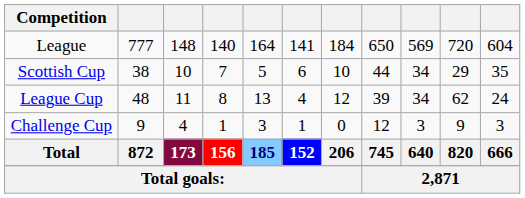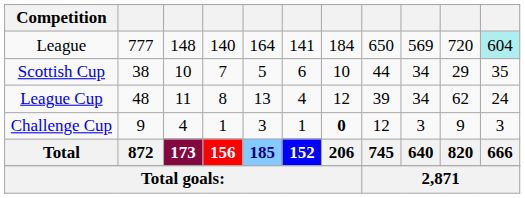 <table class="wikitable" style="text-align:center">
 <tr>
 <th width="100">Competition</th>
 <th width="35"></th>
 <th width="30"></th>
 <th width="30"></th>
 <th width="30"></th>
 <th width="30"></th>
 <th width="30"></th>
 <th width="30"></th>
 <th width="30"></th>
 <th width="30"></th>
 <th width="30"></th>
 </tr>
 <tr>
 <td>League</td>
 <td>777</td>
 <td>148</td>
 <td>140</td>
 <td>164</td>
 <td>141</td>
 <td>184</td>
 <td>650</td>
 <td>569</td>
 <td>720</td>
-<td>604</td>
+<td style="background: paleturquoise;">604</td>
 </tr>
 <tr>
 <td><a href='#'>Scottish Cup</a></td>
 <td>38</td>
 <td>10</td>
 <td>7</td>
 <td>5</td>
 <td>6</td>
 <td>10</td>
 <td>44</td>
 <td>34</td>
 <td>29</td>
 <td>35</td>
 </tr>
 <tr>
 <td><a href='#'>League Cup</a></td>
 <td>48</td>
 <td>11</td>
 <td>8</td>
 <td>13</td>
 <td>4</td>
 <td>12</td>
 <td>39</td>
 <td>34</td>
 <td>62</td>
 <td>24</td>
 </tr>
 <tr>
 <td><a href='#'>Challenge Cup</a></td>
 <td>9</td>
 <td>4</td>
 <td>1</td>
 <td>3</td>
 <td>1</td>
-<td>0</td>
+<td><strong>0</strong></td>
 <td>12</td>
 <td>3</td>
 <td>9</td>
 <td>3</td>
 </tr>
 <tr>
 <th>Total</th>
 <th>872</th>
 <th style="text-align:center; color:white; background:#830840;">173</th>
 <th style="text-align:center; color:white; background:red;">156</th>
 <th style="text-align:center; color:#000080; background:#82caff;">185</th>
 <th style="text-align:center; color:white; background:blue;">152</th>
 <th>206</th>
 <th>745</th>
 <th>640</th>
 <th>820</th>
 <th>666</th>
 </tr>
 <tr>
 </tr>
 <tr>
 <th colspan="7">Total goals:</th>
 <th colspan="4">2,871</th>
 </tr>
 </table>
